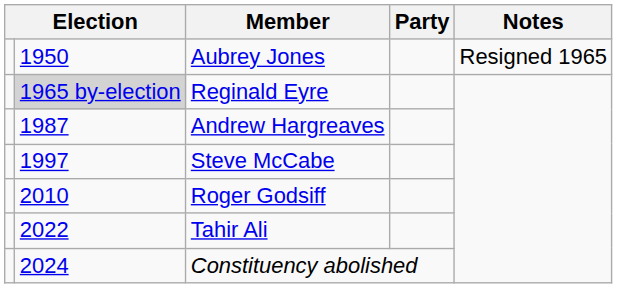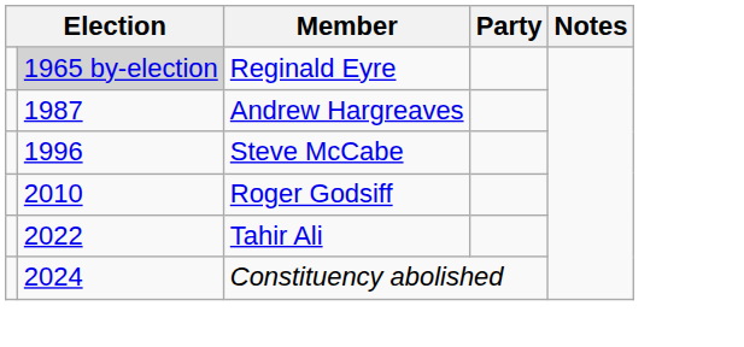 <table class="wikitable">
 <tr>
 <th colspan="2">Election</th>
 <th>Member</th>
 <th>Party</th>
 <th>Notes</th>
-</tr>
-<tr>
-<td style="color:inherit;background-color: "></td>
-<td><a href='#'>1950</a></td>
-<td><a href='#'>Aubrey Jones</a></td>
-<td></td>
-<td>Resigned 1965</td>
 </tr>
 <tr>
 <td style="color:inherit;background-color: "></td>
 <td style="background: lightgrey;"><a href='#'>1965 by-election</a></td>
 <td><a href='#'>Reginald Eyre</a></td>
 <td></td>
 </tr>
 <tr>
 <td style="color:inherit;background-color: "></td>
 <td><a href='#'>1987</a></td>
 <td><a href='#'>Andrew Hargreaves</a></td>
 <td></td>
 </tr>
 <tr>
 <td style="color:inherit;background-color: "></td>
-<td><a href='#'>1997</a></td>
+<td><a href='#'>1996</a></td>
 <td><a href='#'>Steve McCabe</a></td>
 <td></td>
 </tr>
 <tr>
 <td style="color:inherit;background-color: "></td>
 <td><a href='#'>2010</a></td>
 <td><a href='#'>Roger Godsiff</a></td>
 <td></td>
 </tr>
 <tr>
 <td style="color:inherit;background-color: "></td>
 <td><a href='#'>2022</a></td>
 <td><a href='#'>Tahir Ali</a></td>
 <td></td>
 </tr>
 <tr>
 <td></td>
 <td><a href='#'>2024</a></td>
 <td colspan="2"><em>Constituency abolished</em></td>
 </tr>
 </table>
